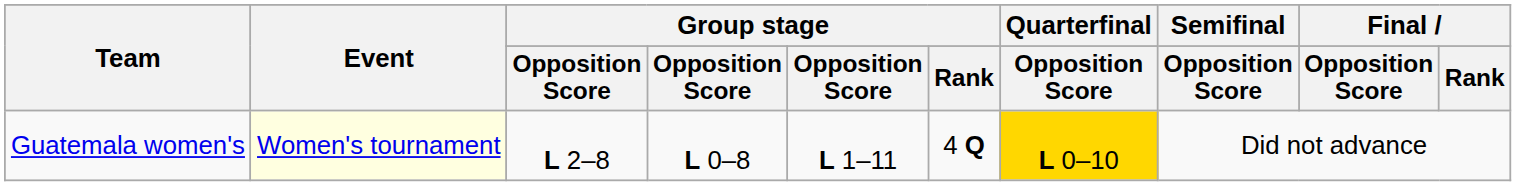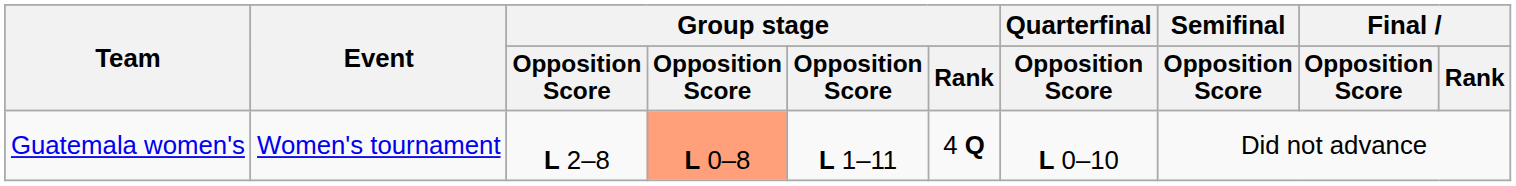 <table class="wikitable" style="font-size:90%;text-align:center">
 <tr>
 <th rowspan="2">Team</th>
 <th rowspan="2">Event</th>
 <th colspan="4">Group stage</th>
 <th>Quarterfinal</th>
 <th>Semifinal</th>
 <th colspan="2">Final / </th>
 </tr>
 <tr style="font-size:95%">
 <th>Opposition<br>Score</th>
 <th>Opposition<br>Score</th>
 <th>Opposition<br>Score</th>
 <th>Rank</th>
 <th>Opposition<br>Score</th>
 <th>Opposition<br>Score</th>
 <th>Opposition<br>Score</th>
 <th>Rank</th>
 </tr>
 <tr>
 <td align=left><a href='#'>Guatemala women's</a></td>
-<td align=left style="background: lightyellow;"><a href='#'>Women's tournament</a></td>
+<td align=left><a href='#'>Women's tournament</a></td>
 <td><br><strong>L</strong> 2–8</td>
-<td><br><strong>L</strong> 0–8</td>
+<td style="background: lightsalmon;"><br><strong>L</strong> 0–8</td>
 <td><br><strong>L</strong> 1–11</td>
 <td>4 <strong>Q</strong></td>
-<td style="background: gold;"><br><strong>L</strong> 0–10</td>
+<td><br><strong>L</strong> 0–10</td>
 <td colspan=3>Did not advance</td>
 </tr>
 </table>
